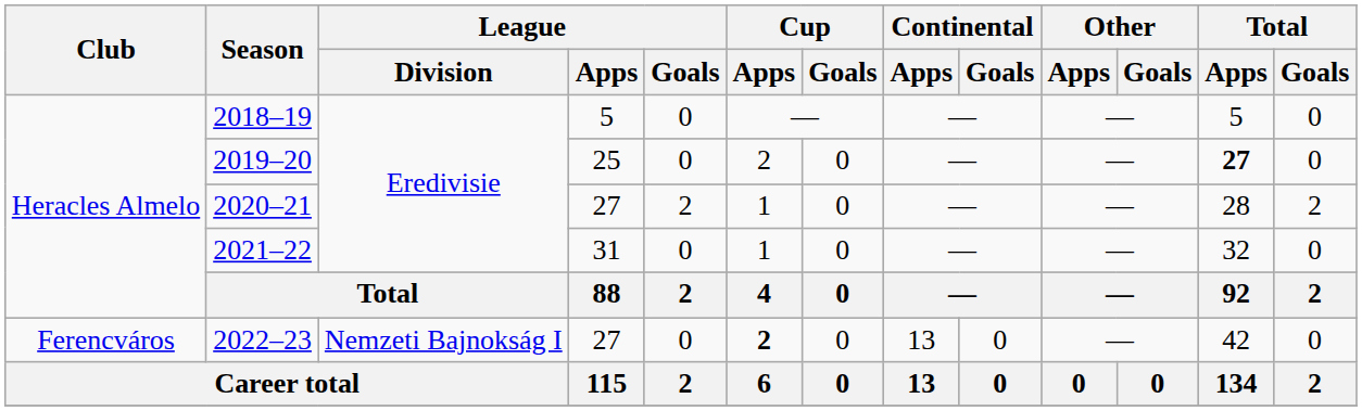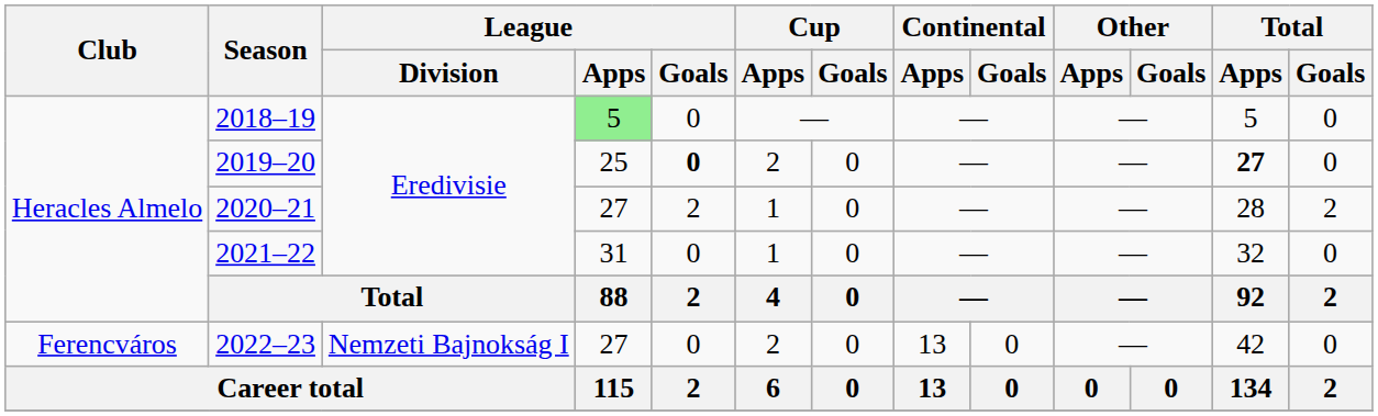 <table class="wikitable" style="text-align: center;">
 <tr>
 <th rowspan=2>Club</th>
 <th rowspan=2>Season</th>
 <th colspan=3>League</th>
 <th colspan=2>Cup</th>
 <th colspan=2>Continental</th>
 <th colspan=2>Other</th>
 <th colspan=2>Total</th>
 </tr>
 <tr>
 <th>Division</th>
 <th>Apps</th>
 <th>Goals</th>
 <th>Apps</th>
 <th>Goals</th>
 <th>Apps</th>
 <th>Goals</th>
 <th>Apps</th>
 <th>Goals</th>
 <th>Apps</th>
 <th>Goals</th>
 </tr>
 <tr>
 <td rowspan="5"><a href='#'>Heracles Almelo</a></td>
 <td><a href='#'>2018–19</a></td>
 <td rowspan="4"><a href='#'>Eredivisie</a></td>
-<td>5</td>
+<td style="background: lightgreen;">5</td>
 <td>0</td>
 <td colspan="2">—</td>
 <td colspan="2">—</td>
 <td colspan="2">—</td>
 <td>5</td>
 <td>0</td>
 </tr>
 <tr>
 <td><a href='#'>2019–20</a></td>
 <td>25</td>
-<td>0</td>
+<td><strong>0</strong></td>
 <td>2</td>
 <td>0</td>
 <td colspan="2">—</td>
 <td colspan="2">—</td>
 <td><strong>27</strong></td>
 <td>0</td>
 </tr>
 <tr>
 <td><a href='#'>2020–21</a></td>
 <td>27</td>
 <td>2</td>
 <td>1</td>
 <td>0</td>
 <td colspan="2">—</td>
 <td colspan="2">—</td>
 <td>28</td>
 <td>2</td>
 </tr>
 <tr>
 <td><a href='#'>2021–22</a></td>
 <td>31</td>
 <td>0</td>
 <td>1</td>
 <td>0</td>
 <td colspan="2">—</td>
 <td colspan="2">—</td>
 <td>32</td>
 <td>0</td>
 </tr>
 <tr>
 <th colspan="2">Total</th>
 <th>88</th>
 <th>2</th>
 <th>4</th>
 <th>0</th>
 <th colspan="2">—</th>
 <th colspan="2">—</th>
 <th>92</th>
 <th>2</th>
 </tr>
 <tr>
 <td><a href='#'>Ferencváros</a></td>
 <td><a href='#'>2022–23</a></td>
 <td><a href='#'>Nemzeti Bajnokság I</a></td>
 <td>27</td>
 <td>0</td>
-<td><strong>2</strong></td>
+<td>2</td>
 <td>0</td>
 <td>13</td>
 <td>0</td>
 <td colspan="2">—</td>
 <td>42</td>
 <td>0</td>
 </tr>
 <tr>
 <th colspan="3">Career total</th>
 <th>115</th>
 <th>2</th>
 <th>6</th>
 <th>0</th>
 <th>13</th>
 <th>0</th>
 <th>0</th>
 <th>0</th>
 <th>134</th>
 <th>2</th>
 </tr>
 <tr>
 </tr>
 </table>
